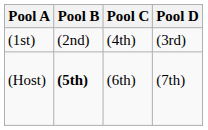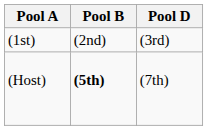 <table class="wikitable">
 <tr>
 <th width=25%>Pool A</th>
 <th width=25%>Pool B</th>
-<th width=25%>Pool C</th>
 <th width=25%>Pool D</th>
 </tr>
 <tr>
 <td><strong></strong> (1st)</td>
 <td><strong></strong> (2nd)</td>
-<td><strong></strong> (4th)</td>
 <td><strong></strong> (3rd)</td>
 </tr>
 <tr>
 <td valign=top><br> (Host)<br> <br> </td>
 <td valign=top><strong><br> (5th)<br> <br> <br></strong></td>
-<td valign=top><br> (6th)<br> <br> </td>
 <td><br> (7th)<br> <br> <br> </td>
 </tr>
 </table>
